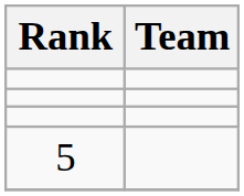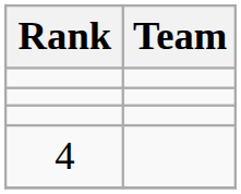 <table class="wikitable" style="text-align:center;">
 <tr>
 <th width=40>Rank</th>
 <th>Team</th>
 </tr>
 <tr>
 <td></td>
 <td style="text-align:left;"></td>
 </tr>
 <tr>
 <td></td>
 <td style="text-align:left;"></td>
 </tr>
 <tr>
 <td></td>
 <td style="text-align:left;"></td>
 </tr>
 <tr>
-<td>5</td>
+<td>4</td>
 <td style="text-align:left;"></td>
 </tr>
 <tr>
 </tr>
 </table>
